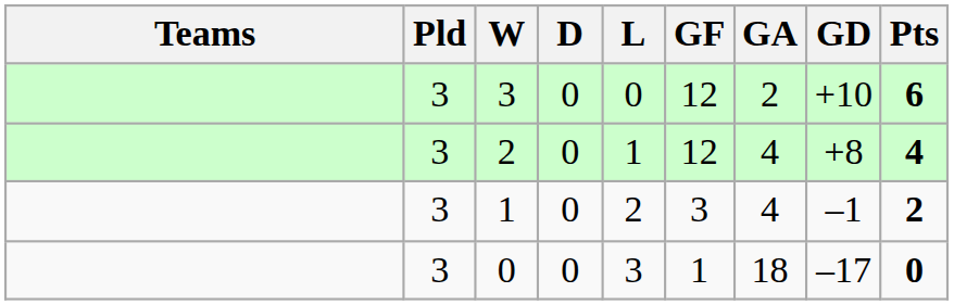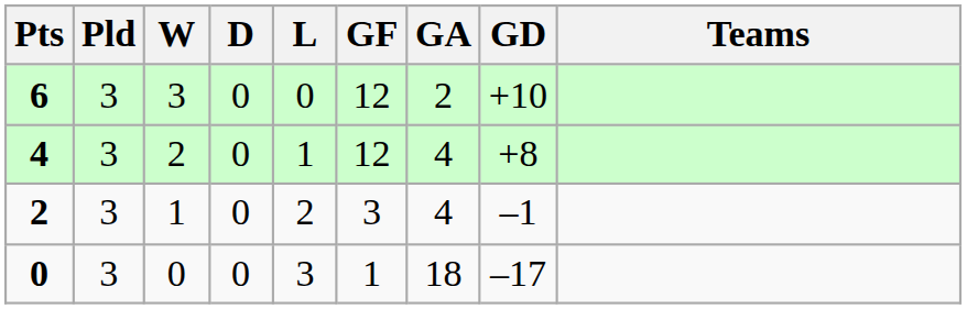 <table class="wikitable" style="text-align: center;">
 <tr>
-<th width=165>Teams</th>
+<th width=20>Pts</th>
 <th width=20>Pld</th>
 <th width=20>W</th>
 <th width=20>D</th>
 <th width=20>L</th>
 <th width=20>GF</th>
 <th width=20>GA</th>
 <th width=20>GD</th>
-<th width=20>Pts</th>
+<th width=165>Teams</th>
 </tr>
 <tr align=center style="background:#ccffcc;">
-<td style="text-align:left;"></td>
+<td><strong>6</strong></td>
 <td>3</td>
 <td>3</td>
 <td>0</td>
 <td>0</td>
 <td>12</td>
 <td>2</td>
 <td>+10</td>
-<td><strong>6</strong></td>
+<td style="text-align:left;"></td>
 </tr>
 <tr align=center style="background:#ccffcc;">
-<td style="text-align:left;"></td>
+<td><strong>4</strong></td>
 <td>3</td>
 <td>2</td>
 <td>0</td>
 <td>1</td>
 <td>12</td>
 <td>4</td>
 <td>+8</td>
-<td><strong>4</strong></td>
+<td style="text-align:left;"></td>
 </tr>
 <tr align=center>
-<td style="text-align:left;"></td>
+<td><strong>2</strong></td>
 <td>3</td>
 <td>1</td>
 <td>0</td>
 <td>2</td>
 <td>3</td>
 <td>4</td>
 <td>–1</td>
-<td><strong>2</strong></td>
+<td style="text-align:left;"></td>
 </tr>
 <tr align=center>
-<td style="text-align:left;"></td>
+<td><strong>0</strong></td>
 <td>3</td>
 <td>0</td>
 <td>0</td>
 <td>3</td>
 <td>1</td>
 <td>18</td>
 <td>–17</td>
-<td><strong>0</strong></td>
+<td style="text-align:left;"></td>
 </tr>
 </table>
